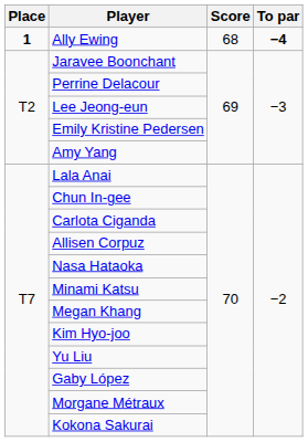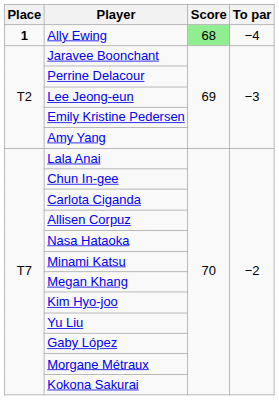 <table class="wikitable">
 <tr>
 <th>Place</th>
 <th>Player</th>
 <th>Score</th>
 <th>To par</th>
 </tr>
 <tr>
 <td align=center><strong>1</strong></td>
 <td> <a href='#'>Ally Ewing</a></td>
-<td align=center>68</td>
-<td align=center><strong>−4</strong></td>
+<td align=center style="background: lightgreen;">68</td>
+<td align=center>−4</td>
 </tr>
 <tr>
 <td align=center rowspan=5>T2</td>
 <td> <a href='#'>Jaravee Boonchant</a></td>
 <td align=center rowspan=5>69</td>
 <td align=center rowspan=5>−3</td>
 </tr>
 <tr>
 <td> <a href='#'>Perrine Delacour</a></td>
 </tr>
 <tr>
 <td> <a href='#'>Lee Jeong-eun</a></td>
 </tr>
 <tr>
 <td> <a href='#'>Emily Kristine Pedersen</a></td>
 </tr>
 <tr>
 <td> <a href='#'>Amy Yang</a></td>
 </tr>
 <tr>
 <td align=center rowspan=12>T7</td>
 <td> <a href='#'>Lala Anai</a></td>
 <td align=center rowspan=12>70</td>
 <td align=center rowspan=12>−2</td>
 </tr>
 <tr>
 <td> <a href='#'>Chun In-gee</a></td>
 </tr>
 <tr>
 <td> <a href='#'>Carlota Ciganda</a></td>
 </tr>
 <tr>
 <td> <a href='#'>Allisen Corpuz</a></td>
 </tr>
 <tr>
 <td> <a href='#'>Nasa Hataoka</a></td>
 </tr>
 <tr>
 <td> <a href='#'>Minami Katsu</a></td>
 </tr>
 <tr>
 <td> <a href='#'>Megan Khang</a></td>
 </tr>
 <tr>
 <td> <a href='#'>Kim Hyo-joo</a></td>
 </tr>
 <tr>
 <td> <a href='#'>Yu Liu</a></td>
 </tr>
 <tr>
 <td> <a href='#'>Gaby López</a></td>
 </tr>
 <tr>
 <td> <a href='#'>Morgane Métraux</a></td>
 </tr>
 <tr>
 <td> <a href='#'>Kokona Sakurai</a></td>
 </tr>
 </table>
